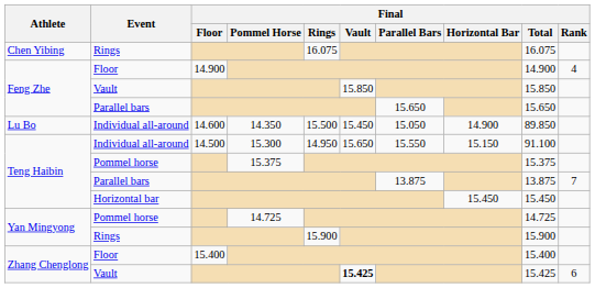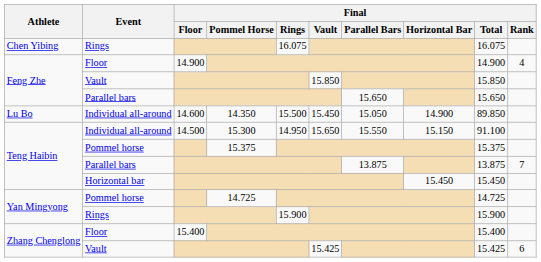 <table class=wikitable style="font-size:90%">
 <tr>
 <th rowspan=2>Athlete</th>
 <th rowspan=2>Event</th>
 <th colspan=8>Final</th>
 </tr>
 <tr>
 <th>Floor</th>
 <th>Pommel Horse</th>
 <th>Rings</th>
 <th>Vault</th>
 <th>Parallel Bars</th>
 <th>Horizontal Bar</th>
 <th>Total</th>
 <th>Rank</th>
 </tr>
 <tr>
 <td><a href='#'>Chen Yibing</a></td>
 <td><a href='#'>Rings</a></td>
 <td colspan="2" style="background:wheat;"></td>
 <td align=center>16.075</td>
 <td colspan="3" style="background:wheat;"></td>
 <td align=center>16.075</td>
 <td align=center></td>
 </tr>
 <tr>
 <td rowspan=3><a href='#'>Feng Zhe</a></td>
 <td><a href='#'>Floor</a></td>
 <td align=center>14.900</td>
 <td colspan="5" style="background:wheat;"></td>
 <td align=center>14.900</td>
 <td align=center>4</td>
 </tr>
 <tr>
 <td><a href='#'>Vault</a></td>
 <td colspan="3" style="background:wheat;"></td>
 <td align=center>15.850</td>
 <td colspan="2" style="background:wheat;"></td>
 <td align=center>15.850</td>
 <td align=center></td>
 </tr>
 <tr>
 <td><a href='#'>Parallel bars</a></td>
 <td colspan="4" style="background:wheat;"></td>
 <td align=center>15.650</td>
 <td bgcolor=wheat></td>
 <td align=center>15.650</td>
 <td align=center></td>
 </tr>
 <tr>
 <td><a href='#'>Lu Bo</a></td>
 <td><a href='#'>Individual all-around</a></td>
 <td align=center>14.600</td>
 <td align=center>14.350</td>
 <td align=center>15.500</td>
 <td align=center>15.450</td>
 <td align=center>15.050</td>
 <td align=center>14.900</td>
 <td align=center>89.850</td>
 <td align=center></td>
 </tr>
 <tr>
 <td rowspan=4><a href='#'>Teng Haibin</a></td>
 <td><a href='#'>Individual all-around</a></td>
 <td align=center>14.500</td>
 <td align=center>15.300</td>
 <td align=center>14.950</td>
 <td align=center>15.650</td>
 <td align=center>15.550</td>
 <td align=center>15.150</td>
 <td align=center>91.100</td>
 <td align=center></td>
 </tr>
 <tr>
 <td><a href='#'>Pommel horse</a></td>
 <td bgcolor=wheat></td>
 <td align=center>15.375</td>
 <td colspan="4" style="background:wheat;"></td>
 <td align=center>15.375</td>
 <td align=center></td>
 </tr>
 <tr>
 <td><a href='#'>Parallel bars</a></td>
 <td colspan="4" style="background:wheat;"></td>
 <td align=center>13.875</td>
 <td bgcolor=wheat></td>
 <td align=center>13.875</td>
 <td align=center>7</td>
 </tr>
 <tr>
 <td><a href='#'>Horizontal bar</a></td>
 <td colspan="5" style="background:wheat;"></td>
 <td align=center>15.450</td>
 <td align=center>15.450</td>
 <td align=center></td>
 </tr>
 <tr>
 <td rowspan=2><a href='#'>Yan Mingyong</a></td>
 <td><a href='#'>Pommel horse</a></td>
 <td bgcolor=wheat></td>
 <td align=center>14.725</td>
 <td colspan="4" style="background:wheat;"></td>
 <td align=center>14.725</td>
 <td align=center></td>
 </tr>
 <tr>
 <td><a href='#'>Rings</a></td>
 <td colspan="2" style="background:wheat;"></td>
 <td align=center>15.900</td>
 <td colspan="3" style="background:wheat;"></td>
 <td align=center>15.900</td>
 <td align=center></td>
 </tr>
 <tr>
 <td rowspan=2><a href='#'>Zhang Chenglong</a></td>
 <td><a href='#'>Floor</a></td>
 <td align=center>15.400</td>
 <td colspan="5" style="background:wheat;"></td>
 <td align=center>15.400</td>
 <td align=center></td>
 </tr>
 <tr>
 <td><a href='#'>Vault</a></td>
 <td colspan="3" style="background:wheat;"></td>
-<td align=center><strong>15.425</strong></td>
+<td align=center>15.425</td>
 <td colspan="2" style="background:wheat;"></td>
 <td align=center>15.425</td>
 <td align=center>6</td>
 </tr>
 </table>
